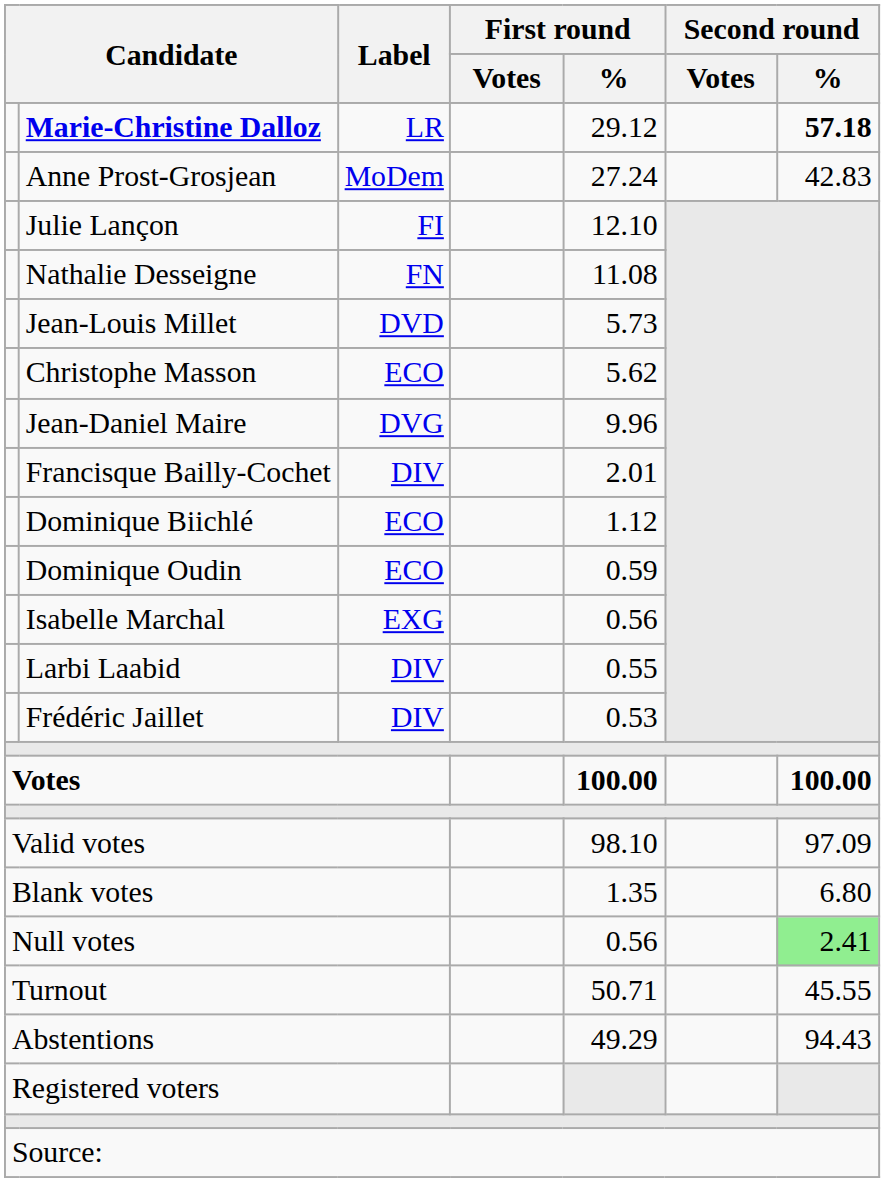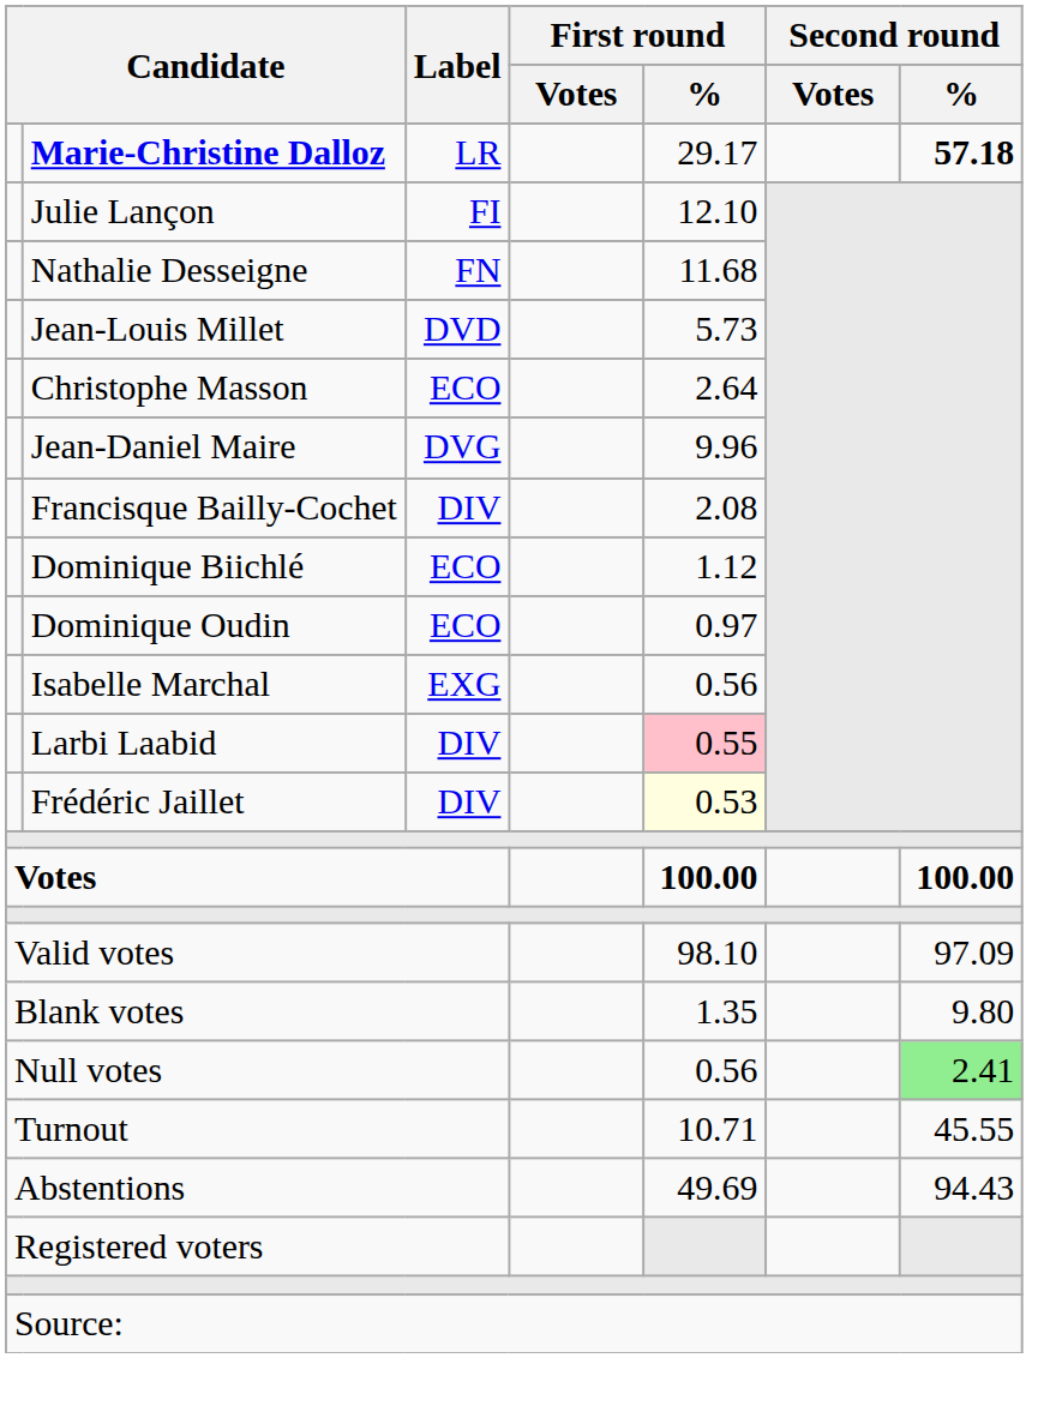 <table class="wikitable" style="text-align:right;font-size:95%;">
 <tr>
 <th rowspan="2" colspan="2">Candidate</th>
 <th rowspan="2">Label</th>
 <th colspan="2">First round</th>
 <th colspan="2">Second round</th>
 </tr>
 <tr>
 <th style="width:50px;">Votes</th>
 <th style="width:45px;">%</th>
 <th style="width:50px;">Votes</th>
 <th style="width:45px;">%</th>
 </tr>
 <tr>
 <td style="color:inherit;background:"></td>
 <td style="text-align:left;"><strong><a href='#'>Marie-Christine Dalloz</a></strong></td>
 <td><a href='#'>LR</a></td>
 <td></td>
-<td>29.12</td>
+<td>29.17</td>
 <td><strong></strong></td>
 <td><strong>57.18</strong></td>
-</tr>
-<tr>
-<td style="color:inherit;background:"></td>
-<td style="text-align:left;">Anne Prost-Grosjean</td>
-<td><a href='#'>MoDem</a></td>
-<td></td>
-<td>27.24</td>
-<td></td>
-<td>42.83</td>
 </tr>
 <tr>
 <td style="color:inherit;background:"></td>
 <td style="text-align:left;">Julie Lançon</td>
 <td><a href='#'>FI</a></td>
 <td></td>
 <td>12.10</td>
 <td colspan="2" rowspan="11" style="background:#E9E9E9;"></td>
 </tr>
 <tr>
 <td style="color:inherit;background:"></td>
 <td style="text-align:left;">Nathalie Desseigne</td>
 <td><a href='#'>FN</a></td>
 <td></td>
-<td>11.08</td>
+<td>11.68</td>
 </tr>
 <tr>
 <td style="color:inherit;background:"></td>
 <td style="text-align:left;">Jean-Louis Millet</td>
 <td><a href='#'>DVD</a></td>
 <td></td>
 <td>5.73</td>
 </tr>
 <tr>
 <td style="color:inherit;background:"></td>
 <td style="text-align:left;">Christophe Masson</td>
 <td><a href='#'>ECO</a></td>
 <td></td>
-<td>5.62</td>
+<td>2.64</td>
 </tr>
 <tr>
 <td style="color:inherit;background:"></td>
 <td style="text-align:left;">Jean-Daniel Maire</td>
 <td><a href='#'>DVG</a></td>
 <td></td>
 <td>9.96</td>
 </tr>
 <tr>
 <td style="color:inherit;background:"></td>
 <td style="text-align:left;">Francisque Bailly-Cochet</td>
 <td><a href='#'>DIV</a></td>
 <td></td>
-<td>2.01</td>
+<td>2.08</td>
 </tr>
 <tr>
 <td style="color:inherit;background:"></td>
 <td style="text-align:left;">Dominique Biichlé</td>
 <td><a href='#'>ECO</a></td>
 <td></td>
 <td>1.12</td>
 </tr>
 <tr>
 <td style="color:inherit;background:"></td>
 <td style="text-align:left;">Dominique Oudin</td>
 <td><a href='#'>ECO</a></td>
 <td></td>
-<td>0.59</td>
+<td>0.97</td>
 </tr>
 <tr>
 <td style="color:inherit;background:"></td>
 <td style="text-align:left;">Isabelle Marchal</td>
 <td><a href='#'>EXG</a></td>
 <td></td>
 <td>0.56</td>
 </tr>
 <tr>
 <td style="color:inherit;background:"></td>
 <td style="text-align:left;">Larbi Laabid</td>
 <td><a href='#'>DIV</a></td>
 <td></td>
-<td>0.55</td>
+<td style="background: pink;">0.55</td>
 </tr>
 <tr>
 <td style="color:inherit;background:"></td>
 <td style="text-align:left;">Frédéric Jaillet</td>
 <td><a href='#'>DIV</a></td>
 <td></td>
-<td>0.53</td>
+<td style="background: lightyellow;">0.53</td>
 </tr>
 <tr>
 <td colspan="7" style="background:#E9E9E9;"></td>
 </tr>
 <tr style="font-weight:bold;">
 <td colspan="3" style="text-align:left;">Votes</td>
 <td></td>
 <td>100.00</td>
 <td></td>
 <td>100.00</td>
 </tr>
 <tr>
 <td colspan="7" style="background:#E9E9E9;"></td>
 </tr>
 <tr>
 <td colspan="3" style="text-align:left;">Valid votes</td>
 <td></td>
 <td>98.10</td>
 <td></td>
 <td>97.09</td>
 </tr>
 <tr>
 <td colspan="3" style="text-align:left;">Blank votes</td>
 <td></td>
 <td>1.35</td>
 <td></td>
-<td>6.80</td>
+<td>9.80</td>
 </tr>
 <tr>
 <td colspan="3" style="text-align:left;">Null votes</td>
 <td></td>
 <td>0.56</td>
 <td></td>
 <td style="background: lightgreen;">2.41</td>
 </tr>
 <tr>
 <td colspan="3" style="text-align:left;">Turnout</td>
 <td></td>
-<td>50.71</td>
+<td>10.71</td>
 <td></td>
 <td>45.55</td>
 </tr>
 <tr>
 <td colspan="3" style="text-align:left;">Abstentions</td>
 <td></td>
-<td>49.29</td>
+<td>49.69</td>
 <td></td>
 <td>94.43</td>
 </tr>
 <tr>
 <td colspan="3" style="text-align:left;">Registered voters</td>
 <td></td>
 <td style="color:inherit;background:#E9E9E9;"></td>
 <td></td>
 <td style="color:inherit;background:#E9E9E9;"></td>
 </tr>
 <tr>
 <td colspan="7" style="background:#E9E9E9;"></td>
 </tr>
 <tr>
 <td colspan="7" style="text-align:left;">Source: </td>
 </tr>
 </table>
